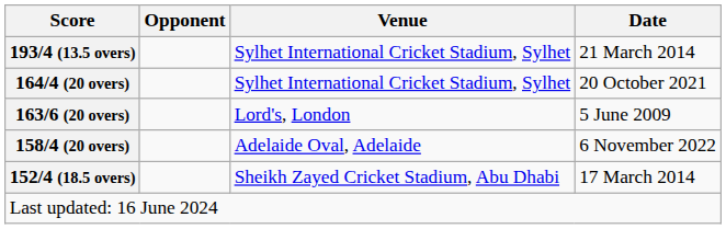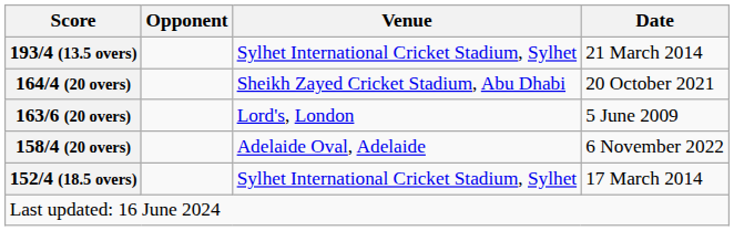 <table class="wikitable sortable" style="font-size:90%;">
 <tr>
 <th>Score</th>
 <th>Opponent</th>
 <th>Venue</th>
 <th>Date</th>
 </tr>
 <tr>
 <th>193/4 <small>(13.5 overs)</small></th>
 <td></td>
 <td><a href='#'>Sylhet International Cricket Stadium</a>, <a href='#'>Sylhet</a></td>
 <td>21 March 2014</td>
 </tr>
 <tr>
 <th>164/4 <small>(20 overs)</small></th>
 <td></td>
-<td><a href='#'>Sylhet International Cricket Stadium</a>, <a href='#'>Sylhet</a></td>
+<td><a href='#'>Sheikh Zayed Cricket Stadium</a>, <a href='#'>Abu Dhabi</a></td>
 <td>20 October 2021</td>
 </tr>
 <tr>
 <th>163/6 <small>(20 overs)</small></th>
 <td></td>
 <td><a href='#'>Lord's</a>, <a href='#'>London</a></td>
 <td>5 June 2009</td>
 </tr>
 <tr>
 <th>158/4 <small>(20 overs)</small></th>
 <td></td>
 <td><a href='#'>Adelaide Oval</a>, <a href='#'>Adelaide</a></td>
 <td>6 November 2022</td>
 </tr>
 <tr>
 <th>152/4 <small>(18.5 overs)</small></th>
 <td></td>
-<td><a href='#'>Sheikh Zayed Cricket Stadium</a>, <a href='#'>Abu Dhabi</a></td>
+<td><a href='#'>Sylhet International Cricket Stadium</a>, <a href='#'>Sylhet</a></td>
 <td>17 March 2014</td>
 </tr>
 <tr>
 <td colspan="6">Last updated: 16 June 2024</td>
 </tr>
 </table>
